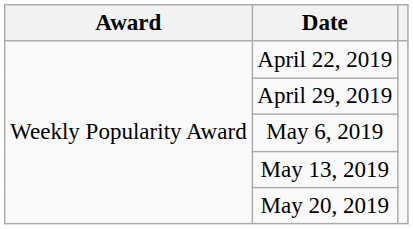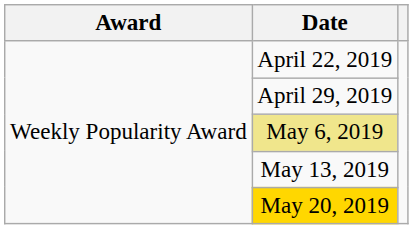 <table class="sortable wikitable" style="text-align:center;">
 <tr>
 <th>Award</th>
 <th>Date</th>
 <th class="unsortable"></th>
 </tr>
 <tr>
 <td rowspan="5">Weekly Popularity Award</td>
 <td style="text-align:center;">April 22, 2019</td>
 <td rowspan="5"></td>
 </tr>
 <tr>
 <td style="text-align:center;">April 29, 2019</td>
 </tr>
 <tr>
-<td style="text-align:center;">May 6, 2019</td>
+<td style="background: khaki; text-align:center;">May 6, 2019</td>
 </tr>
 <tr>
 <td style="text-align:center;">May 13, 2019</td>
 </tr>
 <tr>
-<td style="text-align:center;">May 20, 2019</td>
+<td style="background: gold; text-align:center;">May 20, 2019</td>
 </tr>
 </table>
